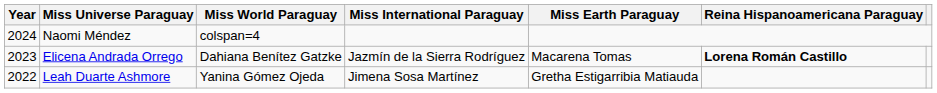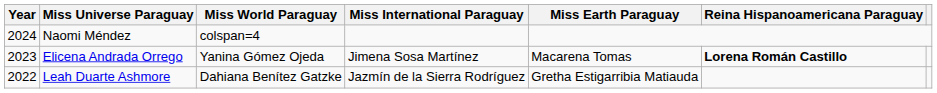 <table class="wikitable">
 <tr>
 <th>Year</th>
 <th>Miss Universe Paraguay</th>
 <th>Miss World Paraguay</th>
 <th>Miss International Paraguay</th>
 <th>Miss Earth Paraguay</th>
 <th>Reina Hispanoamericana Paraguay</th>
 <th></th>
 </tr>
 <tr>
 <td>2024</td>
 <td>Naomi Méndez</td>
 <td>colspan=4 </td>
 <td></td>
 </tr>
 <tr>
 <td>2023</td>
 <td><a href='#'>Elicena Andrada Orrego</a></td>
-<td>Dahiana Benítez Gatzke</td>
-<td>Jazmín de la Sierra Rodríguez</td>
+<td>Yanina Gómez Ojeda</td>
+<td>Jimena Sosa Martínez</td>
 <td>Macarena Tomas</td>
 <td><strong>Lorena Román Castillo</strong></td>
 <td></td>
 </tr>
 <tr>
 <td>2022</td>
 <td><a href='#'>Leah Duarte Ashmore</a></td>
-<td>Yanina Gómez Ojeda</td>
-<td>Jimena Sosa Martínez</td>
+<td>Dahiana Benítez Gatzke</td>
+<td>Jazmín de la Sierra Rodríguez</td>
 <td>Gretha Estigarribia Matiauda</td>
 <td></td>
 <td></td>
 </tr>
 </table>
